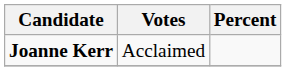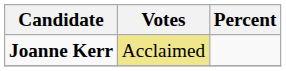 <table class="wikitable">
 <tr>
 <th>Candidate</th>
 <th>Votes</th>
 <th>Percent</th>
 </tr>
 <tr>
 <td style="font-weight:bold;">Joanne Kerr</td>
-<td style="text-align:right;">Acclaimed</td>
+<td style="background: khaki; text-align:right;">Acclaimed</td>
 <td style="text-align:right;"></td>
 </tr>
 <tr>
 </tr>
 </table>
